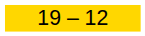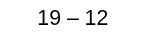 <table style="text-align:center">
 <tr>
 <th width=200></th>
 <th width=100></th>
 <th width=200></th>
 </tr>
 <tr>
 <td align=right><strong></strong></td>
-<td style="background: gold;">19 – 12</td>
+<td>19 – 12</td>
 <td align=left></td>
 </tr>
 </table>
